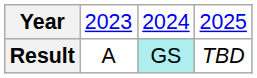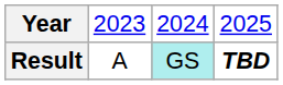 <table class="wikitable" style="text-align:center; font-size:90%; background:white">
 <tr>
 <th>Year</th>
 <td><a href='#'>2023</a></td>
 <td><a href='#'>2024</a></td>
 <td><a href='#'>2025</a></td>
 </tr>
 <tr>
 <th>Result</th>
 <td>A</td>
 <td bgcolor="afeeee">GS</td>
-<td><em>TBD</em></td>
+<td><strong><em>TBD</em></strong></td>
 </tr>
 </table>
